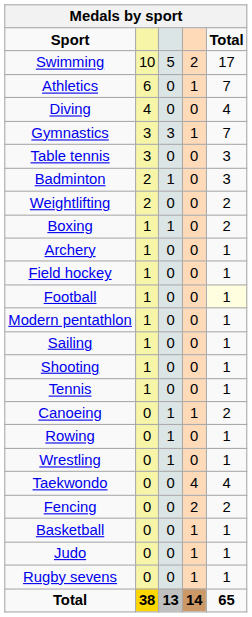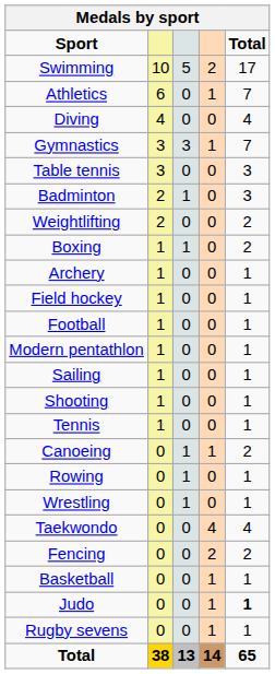 <table class="wikitable" style="font-size:85%; float:right;">
 <tr style="background:#efefef;">
 <th colspan=7>Medals by sport</th>
 </tr>
 <tr align=center>
 <td><strong>Sport</strong></td>
 <td style="background:#f7f6a8;"></td>
 <td style="background:#dce5e5;"></td>
 <td style="background:#ffdab9;"></td>
 <td><strong>Total</strong></td>
 </tr>
 <tr align=center>
 <td><a href='#'>Swimming</a></td>
 <td style="background:#f7f6a8;">10</td>
 <td style="background:#dce5e5;">5</td>
 <td style="background:#ffdab9;">2</td>
 <td>17</td>
 </tr>
 <tr align=center>
 <td><a href='#'>Athletics</a></td>
 <td style="background:#f7f6a8;">6</td>
 <td style="background:#dce5e5;">0</td>
 <td style="background:#ffdab9;">1</td>
 <td>7</td>
 </tr>
 <tr align=center>
 <td><a href='#'>Diving</a></td>
 <td style="background:#f7f6a8;">4</td>
 <td style="background:#dce5e5;">0</td>
 <td style="background:#ffdab9;">0</td>
 <td>4</td>
 </tr>
 <tr align=center>
 <td><a href='#'>Gymnastics</a></td>
 <td style="background:#f7f6a8;">3</td>
 <td style="background:#dce5e5;">3</td>
 <td style="background:#ffdab9;">1</td>
 <td>7</td>
 </tr>
 <tr align=center>
 <td><a href='#'>Table tennis</a></td>
 <td style="background:#f7f6a8;">3</td>
 <td style="background:#dce5e5;">0</td>
 <td style="background:#ffdab9;">0</td>
 <td>3</td>
 </tr>
 <tr align=center>
 <td><a href='#'>Badminton</a></td>
 <td style="background:#f7f6a8;">2</td>
 <td style="background:#dce5e5;">1</td>
 <td style="background:#ffdab9;">0</td>
 <td>3</td>
 </tr>
 <tr align=center>
 <td><a href='#'>Weightlifting</a></td>
 <td style="background:#f7f6a8;">2</td>
 <td style="background:#dce5e5;">0</td>
 <td style="background:#ffdab9;">0</td>
 <td>2</td>
 </tr>
 <tr align=center>
 <td><a href='#'>Boxing</a></td>
 <td style="background:#f7f6a8;">1</td>
 <td style="background:#dce5e5;">1</td>
 <td style="background:#ffdab9;">0</td>
 <td>2</td>
 </tr>
 <tr align=center>
 <td><a href='#'>Archery</a></td>
 <td style="background:#f7f6a8;">1</td>
 <td style="background:#dce5e5;">0</td>
 <td style="background:#ffdab9;">0</td>
 <td>1</td>
 </tr>
 <tr align=center>
 <td><a href='#'>Field hockey</a></td>
 <td style="background:#f7f6a8;">1</td>
 <td style="background:#dce5e5;">0</td>
 <td style="background:#ffdab9;">0</td>
 <td>1</td>
 </tr>
 <tr align=center>
 <td><a href='#'>Football</a></td>
 <td style="background:#f7f6a8;">1</td>
 <td style="background:#dce5e5;">0</td>
 <td style="background:#ffdab9;">0</td>
-<td style="background: lightyellow;">1</td>
+<td>1</td>
 </tr>
 <tr align=center>
 <td><a href='#'>Modern pentathlon</a></td>
 <td style="background:#f7f6a8;">1</td>
 <td style="background:#dce5e5;">0</td>
 <td style="background:#ffdab9;">0</td>
 <td>1</td>
 </tr>
 <tr align=center>
 <td><a href='#'>Sailing</a></td>
 <td style="background:#f7f6a8;">1</td>
 <td style="background:#dce5e5;">0</td>
 <td style="background:#ffdab9;">0</td>
 <td>1</td>
 </tr>
 <tr align=center>
 <td><a href='#'>Shooting</a></td>
 <td style="background:#f7f6a8;">1</td>
 <td style="background:#dce5e5;">0</td>
 <td style="background:#ffdab9;">0</td>
 <td>1</td>
 </tr>
 <tr align=center>
 <td><a href='#'>Tennis</a></td>
 <td style="background:#f7f6a8;">1</td>
 <td style="background:#dce5e5;">0</td>
 <td style="background:#ffdab9;">0</td>
 <td>1</td>
 </tr>
 <tr align=center>
 <td><a href='#'>Canoeing</a></td>
 <td style="background:#f7f6a8;">0</td>
 <td style="background:#dce5e5;">1</td>
 <td style="background:#ffdab9;">1</td>
 <td>2</td>
 </tr>
 <tr align=center>
 <td><a href='#'>Rowing</a></td>
 <td style="background:#f7f6a8;">0</td>
 <td style="background:#dce5e5;">1</td>
 <td style="background:#ffdab9;">0</td>
 <td>1</td>
 </tr>
 <tr align=center>
 <td><a href='#'>Wrestling</a></td>
 <td style="background:#f7f6a8;">0</td>
 <td style="background:#dce5e5;">1</td>
 <td style="background:#ffdab9;">0</td>
 <td>1</td>
 </tr>
 <tr align=center>
 <td><a href='#'>Taekwondo</a></td>
 <td style="background:#f7f6a8;">0</td>
 <td style="background:#dce5e5;">0</td>
 <td style="background:#ffdab9;">4</td>
 <td>4</td>
 </tr>
 <tr align=center>
 <td><a href='#'>Fencing</a></td>
 <td style="background:#f7f6a8;">0</td>
 <td style="background:#dce5e5;">0</td>
 <td style="background:#ffdab9;">2</td>
 <td>2</td>
 </tr>
 <tr align=center>
 <td><a href='#'>Basketball</a></td>
 <td style="background:#f7f6a8;">0</td>
 <td style="background:#dce5e5;">0</td>
 <td style="background:#ffdab9;">1</td>
 <td>1</td>
 </tr>
 <tr align=center>
 <td><a href='#'>Judo</a></td>
 <td style="background:#f7f6a8;">0</td>
 <td style="background:#dce5e5;">0</td>
 <td style="background:#ffdab9;">1</td>
-<td>1</td>
+<td><strong>1</strong></td>
 </tr>
 <tr align=center>
 <td><a href='#'>Rugby sevens</a></td>
 <td style="background:#f7f6a8;">0</td>
 <td style="background:#dce5e5;">0</td>
 <td style="background:#ffdab9;">1</td>
 <td>1</td>
 </tr>
 <tr align=center>
 <td><strong>Total</strong></td>
 <td style="background:gold;"><strong>38</strong></td>
 <td style="background:silver;"><strong>13</strong></td>
 <td style="background:#c96;"><strong>14</strong></td>
 <td><strong>65</strong></td>
 </tr>
 </table>
